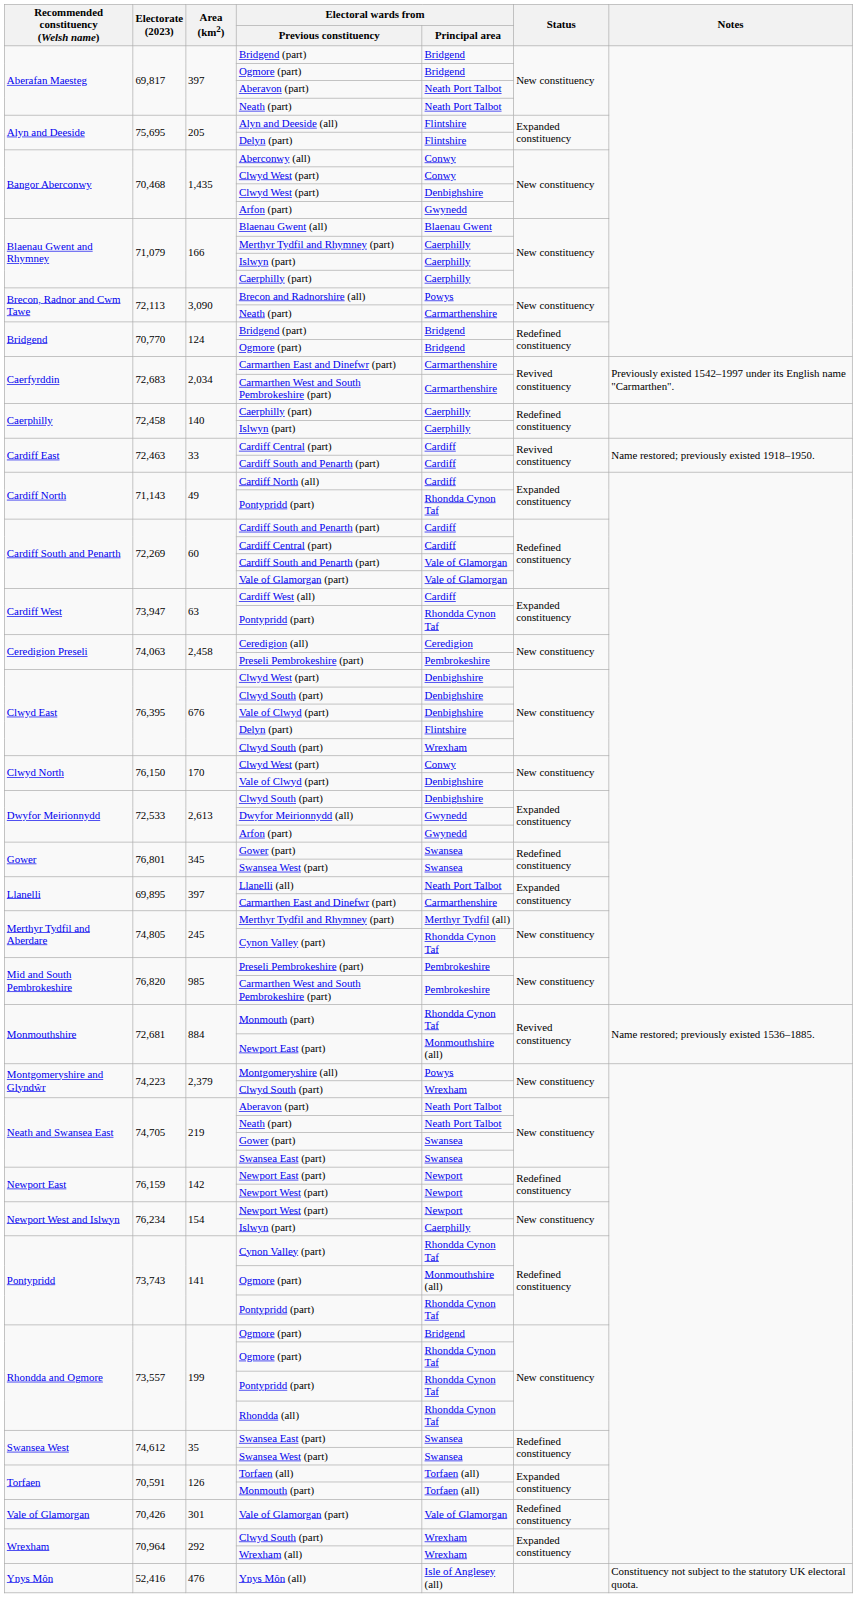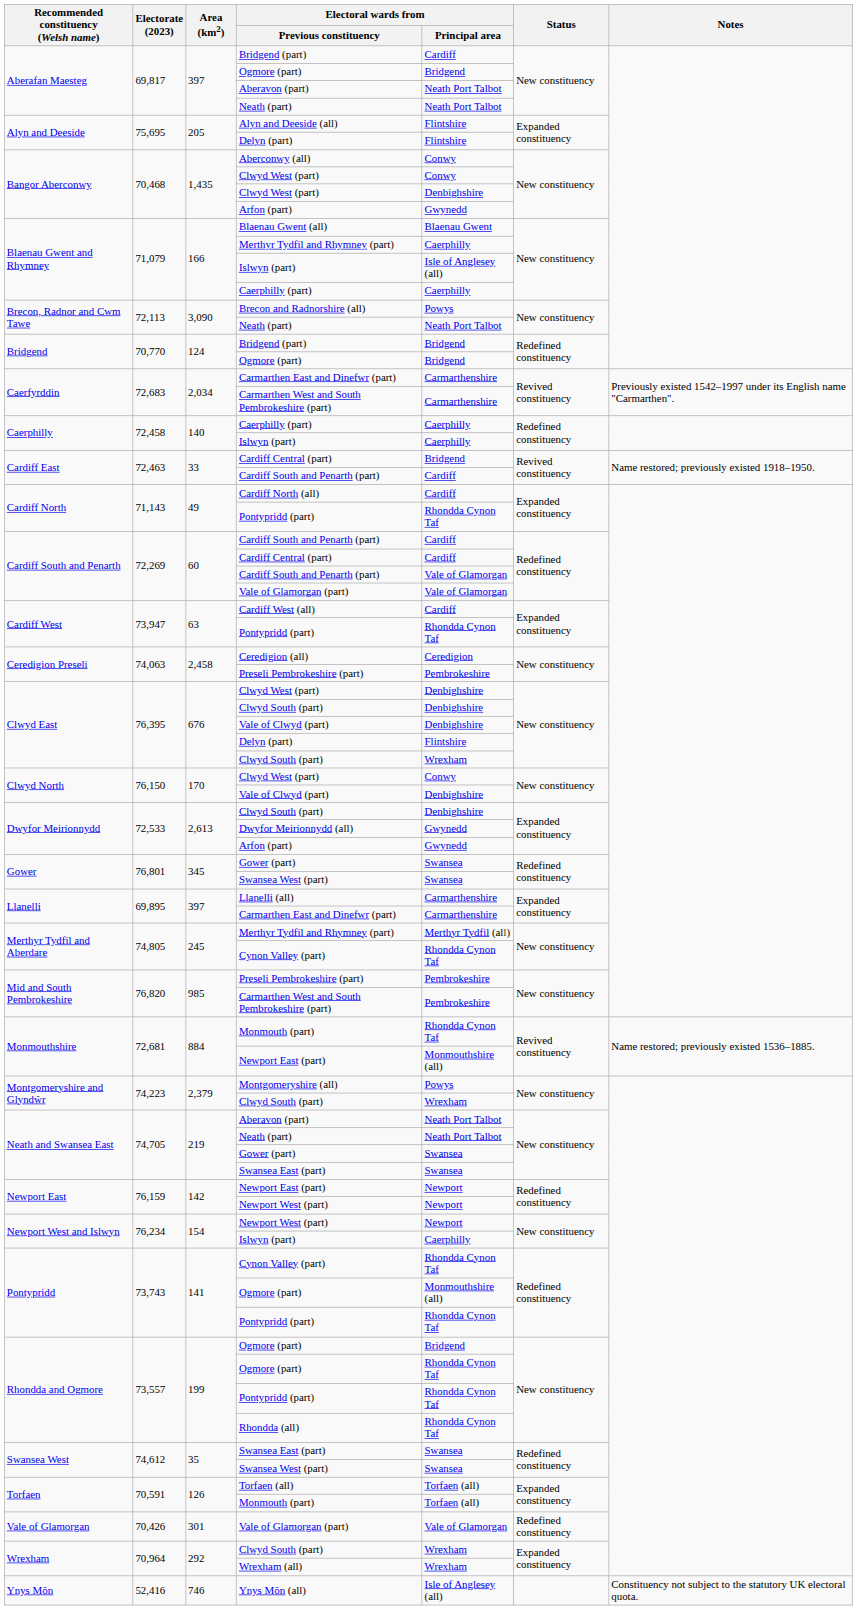 <table class="wikitable collapsible">
 <tr>
 <th rowspan="2">Recommended constituency<br>(<em>Welsh name</em>)</th>
 <th rowspan="2">Electorate<br>(2023)</th>
 <th rowspan="2">Area (km<sup>2</sup>)</th>
 <th colspan="2">Electoral wards from</th>
 <th rowspan="2">Status</th>
 <th rowspan="2">Notes</th>
 </tr>
 <tr>
 <th>Previous constituency</th>
 <th>Principal area</th>
 </tr>
 <tr>
 <td rowspan="4"><a href='#'>Aberafan Maesteg</a></td>
 <td rowspan="4">69,817</td>
 <td rowspan="4">397</td>
 <td><a href='#'>Bridgend</a> (part)</td>
-<td><a href='#'>Bridgend</a></td>
+<td><a href='#'>Cardiff</a></td>
 <td rowspan="4">New constituency</td>
 </tr>
 <tr>
 <td><a href='#'>Ogmore</a> (part)</td>
 <td><a href='#'>Bridgend</a></td>
 </tr>
 <tr>
 <td><a href='#'>Aberavon</a> (part)</td>
 <td><a href='#'>Neath Port Talbot</a></td>
 </tr>
 <tr>
 <td><a href='#'>Neath</a> (part)</td>
 <td><a href='#'>Neath Port Talbot</a></td>
 </tr>
 <tr>
 <td rowspan="2"><a href='#'>Alyn and Deeside</a><br></td>
 <td rowspan="2">75,695</td>
 <td rowspan="2">205</td>
 <td><a href='#'>Alyn and Deeside</a> (all)</td>
 <td><a href='#'>Flintshire</a></td>
 <td rowspan="2">Expanded constituency</td>
 </tr>
 <tr>
 <td><a href='#'>Delyn</a> (part)</td>
 <td><a href='#'>Flintshire</a></td>
 </tr>
 <tr>
 <td rowspan="4"><a href='#'>Bangor Aberconwy</a></td>
 <td rowspan="4">70,468</td>
 <td rowspan="4">1,435</td>
 <td><a href='#'>Aberconwy</a> (all)</td>
 <td><a href='#'>Conwy</a></td>
 <td rowspan="4">New constituency</td>
 </tr>
 <tr>
 <td><a href='#'>Clwyd West</a> (part)</td>
 <td><a href='#'>Conwy</a></td>
 </tr>
 <tr>
 <td><a href='#'>Clwyd West</a> (part)</td>
 <td><a href='#'>Denbighshire</a></td>
 </tr>
 <tr>
 <td><a href='#'>Arfon</a> (part)</td>
 <td><a href='#'>Gwynedd</a></td>
 </tr>
 <tr>
 <td rowspan="4"><a href='#'>Blaenau Gwent and Rhymney</a><br></td>
 <td rowspan="4">71,079</td>
 <td rowspan="4">166</td>
 <td><a href='#'>Blaenau Gwent</a> (all)</td>
 <td><a href='#'>Blaenau Gwent</a></td>
 <td rowspan="4">New constituency</td>
 </tr>
 <tr>
 <td><a href='#'>Merthyr Tydfil and Rhymney</a> (part)</td>
 <td><a href='#'>Caerphilly</a></td>
 </tr>
 <tr>
 <td><a href='#'>Islwyn</a> (part)</td>
-<td><a href='#'>Caerphilly</a></td>
+<td><a href='#'>Isle of Anglesey</a> (all)</td>
 </tr>
 <tr>
 <td><a href='#'>Caerphilly</a> (part)</td>
 <td><a href='#'>Caerphilly</a></td>
 </tr>
 <tr>
 <td rowspan="2"><a href='#'>Brecon, Radnor and Cwm Tawe</a><br></td>
 <td rowspan="2">72,113</td>
 <td rowspan="2">3,090</td>
 <td><a href='#'>Brecon and Radnorshire</a> (all)</td>
 <td><a href='#'>Powys</a></td>
 <td rowspan="2">New constituency</td>
 </tr>
 <tr>
 <td><a href='#'>Neath</a> (part)</td>
-<td><a href='#'>Carmarthenshire</a></td>
+<td><a href='#'>Neath Port Talbot</a></td>
 </tr>
 <tr>
 <td rowspan="2"><a href='#'>Bridgend</a><br></td>
 <td rowspan="2">70,770</td>
 <td rowspan="2">124</td>
 <td><a href='#'>Bridgend</a> (part)</td>
 <td><a href='#'>Bridgend</a></td>
 <td rowspan="2">Redefined constituency</td>
 </tr>
 <tr>
 <td><a href='#'>Ogmore</a> (part)</td>
 <td><a href='#'>Bridgend</a></td>
 </tr>
 <tr>
 <td rowspan="2"><a href='#'>Caerfyrddin</a></td>
 <td rowspan="2">72,683</td>
 <td rowspan="2">2,034</td>
 <td><a href='#'>Carmarthen East and Dinefwr</a> (part)</td>
 <td><a href='#'>Carmarthenshire</a></td>
 <td rowspan="2">Revived constituency</td>
 <td rowspan="2">Previously existed 1542–1997 under its English name "Carmarthen".</td>
 </tr>
 <tr>
 <td><a href='#'>Carmarthen West and South Pembrokeshire</a> (part)</td>
 <td><a href='#'>Carmarthenshire</a></td>
 </tr>
 <tr>
 <td rowspan="2"><a href='#'>Caerphilly</a><br></td>
 <td rowspan="2">72,458</td>
 <td rowspan="2">140</td>
 <td><a href='#'>Caerphilly</a> (part)</td>
 <td><a href='#'>Caerphilly</a></td>
 <td rowspan="2">Redefined constituency</td>
 </tr>
 <tr>
 <td><a href='#'>Islwyn</a> (part)</td>
 <td><a href='#'>Caerphilly</a></td>
 </tr>
 <tr>
 <td rowspan="2"><a href='#'>Cardiff East</a><br></td>
 <td rowspan="2">72,463</td>
 <td rowspan="2">33</td>
 <td><a href='#'>Cardiff Central</a> (part)</td>
-<td><a href='#'>Cardiff</a></td>
+<td><a href='#'>Bridgend</a></td>
 <td rowspan="2">Revived constituency</td>
 <td rowspan="2">Name restored; previously existed 1918–1950.</td>
 </tr>
 <tr>
 <td><a href='#'>Cardiff South and Penarth</a> (part)</td>
 <td><a href='#'>Cardiff</a></td>
 </tr>
 <tr>
 <td rowspan="2"><a href='#'>Cardiff North</a><br></td>
 <td rowspan="2">71,143</td>
 <td rowspan="2">49</td>
 <td><a href='#'>Cardiff North</a> (all)</td>
 <td><a href='#'>Cardiff</a></td>
 <td rowspan="2">Expanded constituency</td>
 </tr>
 <tr>
 <td><a href='#'>Pontypridd</a> (part)</td>
 <td><a href='#'>Rhondda Cynon Taf</a></td>
 </tr>
 <tr>
 <td rowspan="4"><a href='#'>Cardiff South and Penarth</a><br></td>
 <td rowspan="4">72,269</td>
 <td rowspan="4">60</td>
 <td><a href='#'>Cardiff South and Penarth</a> (part)</td>
 <td><a href='#'>Cardiff</a></td>
 <td rowspan="4">Redefined constituency</td>
 </tr>
 <tr>
 <td><a href='#'>Cardiff Central</a> (part)</td>
 <td><a href='#'>Cardiff</a></td>
 </tr>
 <tr>
 <td><a href='#'>Cardiff South and Penarth</a> (part)</td>
 <td><a href='#'>Vale of Glamorgan</a></td>
 </tr>
 <tr>
 <td><a href='#'>Vale of Glamorgan</a> (part)</td>
 <td><a href='#'>Vale of Glamorgan</a></td>
 </tr>
 <tr>
 <td rowspan="2"><a href='#'>Cardiff West</a><br></td>
 <td rowspan="2">73,947</td>
 <td rowspan="2">63</td>
 <td><a href='#'>Cardiff West</a> (all)</td>
 <td><a href='#'>Cardiff</a></td>
 <td rowspan="2">Expanded constituency</td>
 </tr>
 <tr>
 <td><a href='#'>Pontypridd</a> (part)</td>
 <td><a href='#'>Rhondda Cynon Taf</a></td>
 </tr>
 <tr>
 <td rowspan="2"><a href='#'>Ceredigion Preseli</a></td>
 <td rowspan="2">74,063</td>
 <td rowspan="2">2,458</td>
 <td><a href='#'>Ceredigion</a> (all)</td>
 <td><a href='#'>Ceredigion</a></td>
 <td rowspan="2">New constituency</td>
 </tr>
 <tr>
 <td><a href='#'>Preseli Pembrokeshire</a> (part)</td>
 <td><a href='#'>Pembrokeshire</a></td>
 </tr>
 <tr>
 <td rowspan="5"><a href='#'>Clwyd East</a><br></td>
 <td rowspan="5">76,395</td>
 <td rowspan="5">676</td>
 <td><a href='#'>Clwyd West</a> (part)</td>
 <td><a href='#'>Denbighshire</a></td>
 <td rowspan="5">New constituency</td>
 </tr>
 <tr>
 <td><a href='#'>Clwyd South</a> (part)</td>
 <td><a href='#'>Denbighshire</a></td>
 </tr>
 <tr>
 <td><a href='#'>Vale of Clwyd</a> (part)</td>
 <td><a href='#'>Denbighshire</a></td>
 </tr>
 <tr>
 <td><a href='#'>Delyn</a> (part)</td>
 <td><a href='#'>Flintshire</a></td>
 </tr>
 <tr>
 <td><a href='#'>Clwyd South</a> (part)</td>
 <td><a href='#'>Wrexham</a></td>
 </tr>
 <tr>
 <td rowspan="2"><a href='#'>Clwyd North</a><br></td>
 <td rowspan="2">76,150</td>
 <td rowspan="2">170</td>
 <td><a href='#'>Clwyd West</a> (part)</td>
 <td><a href='#'>Conwy</a></td>
 <td rowspan="2">New constituency</td>
 </tr>
 <tr>
 <td><a href='#'>Vale of Clwyd</a> (part)</td>
 <td><a href='#'>Denbighshire</a></td>
 </tr>
 <tr>
 <td rowspan="3"><a href='#'>Dwyfor Meirionnydd</a></td>
 <td rowspan="3">72,533</td>
 <td rowspan="3">2,613</td>
 <td><a href='#'>Clwyd South</a> (part)</td>
 <td><a href='#'>Denbighshire</a></td>
 <td rowspan="3">Expanded constituency</td>
 </tr>
 <tr>
 <td><a href='#'>Dwyfor Meirionnydd</a> (all)</td>
 <td><a href='#'>Gwynedd</a></td>
 </tr>
 <tr>
 <td><a href='#'>Arfon</a> (part)</td>
 <td><a href='#'>Gwynedd</a></td>
 </tr>
 <tr>
 <td rowspan="2"><a href='#'>Gower</a><br></td>
 <td rowspan="2">76,801</td>
 <td rowspan="2">345</td>
 <td><a href='#'>Gower</a> (part)</td>
 <td><a href='#'>Swansea</a></td>
 <td rowspan="2">Redefined constituency</td>
 </tr>
 <tr>
 <td><a href='#'>Swansea West</a> (part)</td>
 <td><a href='#'>Swansea</a></td>
 </tr>
 <tr>
 <td rowspan="2"><a href='#'>Llanelli</a></td>
 <td rowspan="2">69,895</td>
 <td rowspan="2">397</td>
 <td><a href='#'>Llanelli</a> (all)</td>
-<td><a href='#'>Neath Port Talbot</a></td>
+<td><a href='#'>Carmarthenshire</a></td>
 <td rowspan="2">Expanded constituency</td>
 </tr>
 <tr>
 <td><a href='#'>Carmarthen East and Dinefwr</a> (part)</td>
 <td><a href='#'>Carmarthenshire</a></td>
 </tr>
 <tr>
 <td rowspan="2"><a href='#'>Merthyr Tydfil and Aberdare</a><br></td>
 <td rowspan="2">74,805</td>
 <td rowspan="2">245</td>
 <td><a href='#'>Merthyr Tydfil and Rhymney</a> (part)</td>
 <td><a href='#'>Merthyr Tydfil</a> (all)</td>
 <td rowspan="2">New constituency</td>
 </tr>
 <tr>
 <td><a href='#'>Cynon Valley</a> (part)</td>
 <td><a href='#'>Rhondda Cynon Taf</a></td>
 </tr>
 <tr>
 <td rowspan="2"><a href='#'>Mid and South Pembrokeshire</a><br></td>
 <td rowspan="2">76,820</td>
 <td rowspan="2">985</td>
 <td><a href='#'>Preseli Pembrokeshire</a> (part)</td>
 <td><a href='#'>Pembrokeshire</a></td>
 <td rowspan="2">New constituency</td>
 </tr>
 <tr>
 <td><a href='#'>Carmarthen West and South Pembrokeshire</a> (part)</td>
 <td><a href='#'>Pembrokeshire</a></td>
 </tr>
 <tr>
 <td rowspan="2"><a href='#'>Monmouthshire</a><br></td>
 <td rowspan="2">72,681</td>
 <td rowspan="2">884</td>
 <td><a href='#'>Monmouth</a> (part)</td>
 <td><a href='#'>Rhondda Cynon Taf</a></td>
 <td rowspan="2">Revived constituency</td>
 <td rowspan="2">Name restored; previously existed 1536–1885.</td>
 </tr>
 <tr>
 <td><a href='#'>Newport East</a> (part)</td>
 <td><a href='#'>Monmouthshire</a> (all)</td>
 </tr>
 <tr>
 <td rowspan="2"><a href='#'>Montgomeryshire and Glyndŵr</a><br></td>
 <td rowspan="2">74,223</td>
 <td rowspan="2">2,379</td>
 <td><a href='#'>Montgomeryshire</a> (all)</td>
 <td><a href='#'>Powys</a></td>
 <td rowspan="2">New constituency</td>
 </tr>
 <tr>
 <td><a href='#'>Clwyd South</a> (part)</td>
 <td><a href='#'>Wrexham</a></td>
 </tr>
 <tr>
 <td rowspan="4"><a href='#'>Neath and Swansea East</a><br></td>
 <td rowspan="4">74,705</td>
 <td rowspan="4">219</td>
 <td><a href='#'>Aberavon</a> (part)</td>
 <td><a href='#'>Neath Port Talbot</a></td>
 <td rowspan="4">New constituency</td>
 </tr>
 <tr>
 <td><a href='#'>Neath</a> (part)</td>
 <td><a href='#'>Neath Port Talbot</a></td>
 </tr>
 <tr>
 <td><a href='#'>Gower</a> (part)</td>
 <td><a href='#'>Swansea</a></td>
 </tr>
 <tr>
 <td><a href='#'>Swansea East</a> (part)</td>
 <td><a href='#'>Swansea</a></td>
 </tr>
 <tr>
 <td rowspan="2"><a href='#'>Newport East</a><br></td>
 <td rowspan="2">76,159</td>
 <td rowspan="2">142</td>
 <td><a href='#'>Newport East</a> (part)</td>
 <td><a href='#'>Newport</a></td>
 <td rowspan="2">Redefined constituency</td>
 </tr>
 <tr>
 <td><a href='#'>Newport West</a> (part)</td>
 <td><a href='#'>Newport</a></td>
 </tr>
 <tr>
 <td rowspan="2"><a href='#'>Newport West and Islwyn</a><br></td>
 <td rowspan="2">76,234</td>
 <td rowspan="2">154</td>
 <td><a href='#'>Newport West</a> (part)</td>
 <td><a href='#'>Newport</a></td>
 <td rowspan="2">New constituency</td>
 </tr>
 <tr>
 <td><a href='#'>Islwyn</a> (part)</td>
 <td><a href='#'>Caerphilly</a></td>
 </tr>
 <tr>
 <td rowspan="3"><a href='#'>Pontypridd</a></td>
 <td rowspan="3">73,743</td>
 <td rowspan="3">141</td>
 <td><a href='#'>Cynon Valley</a> (part)</td>
 <td><a href='#'>Rhondda Cynon Taf</a></td>
 <td rowspan="3">Redefined constituency</td>
 </tr>
 <tr>
 <td><a href='#'>Ogmore</a> (part)</td>
 <td><a href='#'>Monmouthshire</a> (all)</td>
 </tr>
 <tr>
 <td><a href='#'>Pontypridd</a> (part)</td>
 <td><a href='#'>Rhondda Cynon Taf</a></td>
 </tr>
 <tr>
 <td rowspan="4"><a href='#'>Rhondda and Ogmore</a><br></td>
 <td rowspan="4">73,557</td>
 <td rowspan="4">199</td>
 <td><a href='#'>Ogmore</a> (part)</td>
 <td><a href='#'>Bridgend</a></td>
 <td rowspan="4">New constituency</td>
 </tr>
 <tr>
 <td><a href='#'>Ogmore</a> (part)</td>
 <td><a href='#'>Rhondda Cynon Taf</a></td>
 </tr>
 <tr>
 <td><a href='#'>Pontypridd</a> (part)</td>
 <td><a href='#'>Rhondda Cynon Taf</a></td>
 </tr>
 <tr>
 <td><a href='#'>Rhondda</a> (all)</td>
 <td><a href='#'>Rhondda Cynon Taf</a></td>
 </tr>
 <tr>
 <td rowspan="2"><a href='#'>Swansea West</a><br></td>
 <td rowspan="2">74,612</td>
 <td rowspan="2">35</td>
 <td><a href='#'>Swansea East</a> (part)</td>
 <td><a href='#'>Swansea</a></td>
 <td rowspan="2">Redefined constituency</td>
 </tr>
 <tr>
 <td><a href='#'>Swansea West</a> (part)</td>
 <td><a href='#'>Swansea</a></td>
 </tr>
 <tr>
 <td rowspan="2"><a href='#'>Torfaen</a></td>
 <td rowspan="2">70,591</td>
 <td rowspan="2">126</td>
 <td><a href='#'>Torfaen</a> (all)</td>
 <td><a href='#'>Torfaen</a> (all)</td>
 <td rowspan="2">Expanded constituency</td>
 </tr>
 <tr>
 <td><a href='#'>Monmouth</a> (part)</td>
 <td><a href='#'>Torfaen</a> (all)</td>
 </tr>
 <tr>
 <td><a href='#'>Vale of Glamorgan</a><br></td>
 <td>70,426</td>
 <td>301</td>
 <td><a href='#'>Vale of Glamorgan</a> (part)</td>
 <td><a href='#'>Vale of Glamorgan</a></td>
 <td>Redefined constituency</td>
 </tr>
 <tr>
 <td rowspan="2"><a href='#'>Wrexham</a><br></td>
 <td rowspan="2">70,964</td>
 <td rowspan="2">292</td>
 <td><a href='#'>Clwyd South</a> (part)</td>
 <td><a href='#'>Wrexham</a></td>
 <td rowspan="2">Expanded constituency</td>
 </tr>
 <tr>
 <td><a href='#'>Wrexham</a> (all)</td>
 <td><a href='#'>Wrexham</a></td>
 </tr>
 <tr>
 <td><a href='#'>Ynys Môn</a></td>
 <td>52,416</td>
-<td>476</td>
+<td>746</td>
 <td><a href='#'>Ynys Môn</a> (all)</td>
 <td><a href='#'>Isle of Anglesey</a> (all)</td>
 <td></td>
 <td>Constituency not subject to the statutory UK electoral quota.</td>
 </tr>
 </table>
